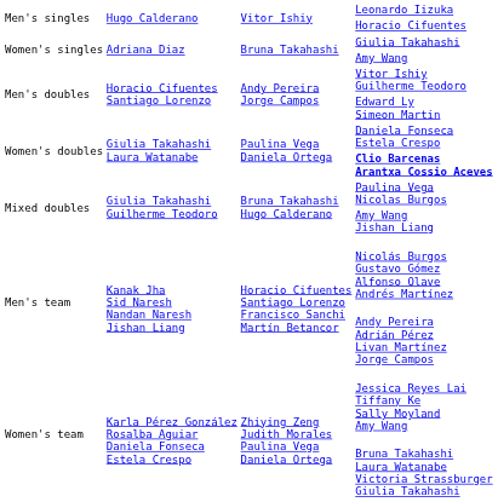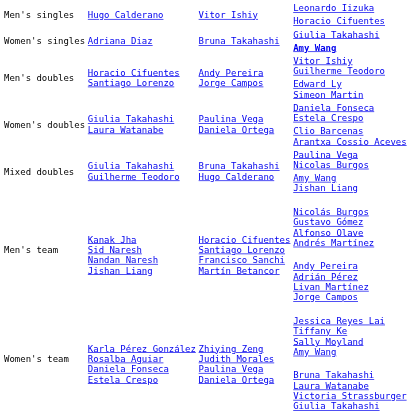 <table>
 <tr>
 <td rowspan=2>Men's singles</td>
 <td rowspan=2> <a href='#'>Hugo Calderano</a></td>
 <td rowspan=2> <a href='#'>Vitor Ishiy</a></td>
 <td> <a href='#'>Leonardo Iizuka</a></td>
 </tr>
 <tr>
 <td> <a href='#'>Horacio Cifuentes</a></td>
 </tr>
 <tr>
 <td rowspan=2>Women's singles</td>
 <td rowspan=2> <a href='#'>Adriana Diaz</a></td>
 <td rowspan=2> <a href='#'>Bruna Takahashi</a></td>
 <td> <a href='#'>Giulia Takahashi</a></td>
 </tr>
 <tr>
-<td> <a href='#'>Amy Wang</a></td>
+<td><strong> <a href='#'>Amy Wang</a></strong></td>
 </tr>
 <tr>
 <td rowspan=2>Men's doubles</td>
 <td rowspan=2> <a href='#'>Horacio Cifuentes</a><br> <a href='#'>Santiago Lorenzo</a></td>
 <td rowspan=2> <a href='#'>Andy Pereira</a><br> <a href='#'>Jorge Campos</a></td>
 <td> <a href='#'>Vitor Ishiy</a><br> <a href='#'>Guilherme Teodoro</a></td>
 </tr>
 <tr>
 <td> <a href='#'>Edward Ly</a><br> <a href='#'>Simeon Martin</a></td>
 </tr>
 <tr>
 <td rowspan=2>Women's doubles</td>
 <td rowspan=2> <a href='#'>Giulia Takahashi</a><br> <a href='#'>Laura Watanabe</a></td>
 <td rowspan=2> <a href='#'>Paulina Vega</a><br> <a href='#'>Daniela Ortega</a></td>
 <td> <a href='#'>Daniela Fonseca</a><br> <a href='#'>Estela Crespo</a></td>
 </tr>
 <tr>
-<td><strong> <a href='#'>Clio Barcenas</a><br> <a href='#'>Arantxa Cossio Aceves</a></strong></td>
+<td> <a href='#'>Clio Barcenas</a><br> <a href='#'>Arantxa Cossio Aceves</a></td>
 </tr>
 <tr>
 <td rowspan=2>Mixed doubles</td>
 <td rowspan=2> <a href='#'>Giulia Takahashi</a> <br> <a href='#'>Guilherme Teodoro</a></td>
 <td rowspan=2> <a href='#'>Bruna Takahashi</a> <br> <a href='#'>Hugo Calderano</a></td>
 <td> <a href='#'>Paulina Vega</a><br> <a href='#'>Nicolas Burgos</a></td>
 </tr>
 <tr>
 <td> <a href='#'>Amy Wang</a><br> <a href='#'>Jishan Liang</a></td>
 </tr>
 <tr>
 <td rowspan=2>Men's team</td>
 <td rowspan=2><br><a href='#'>Kanak Jha</a><br><a href='#'>Sid Naresh</a><br><a href='#'>Nandan Naresh</a><br><a href='#'>Jishan Liang</a></td>
 <td rowspan=2><br><a href='#'>Horacio Cifuentes</a><br><a href='#'>Santiago Lorenzo</a><br><a href='#'>Francisco Sanchi</a><br><a href='#'>Martín Betancor</a></td>
 <td><br><a href='#'>Nicolás Burgos</a><br><a href='#'>Gustavo Gómez</a><br><a href='#'>Alfonso Olave</a><br><a href='#'>Andrés Martínez</a></td>
 </tr>
 <tr>
 <td><br><a href='#'>Andy Pereira</a><br><a href='#'>Adrián Pérez</a><br><a href='#'>Livan Martínez</a><br><a href='#'>Jorge Campos</a></td>
 </tr>
 <tr>
 <td rowspan=2>Women's team</td>
 <td rowspan=2><br><a href='#'>Karla Pérez González</a><br><a href='#'>Rosalba Aguiar</a><br><a href='#'>Daniela Fonseca</a><br><a href='#'>Estela Crespo</a></td>
 <td rowspan=2><br><a href='#'>Zhiying Zeng</a><br><a href='#'>Judith Morales</a><br><a href='#'>Paulina Vega</a><br><a href='#'>Daniela Ortega</a></td>
 <td><br><a href='#'>Jessica Reyes Lai</a><br><a href='#'>Tiffany Ke</a><br><a href='#'>Sally Moyland</a><br><a href='#'>Amy Wang</a></td>
 </tr>
 <tr>
 <td><br><a href='#'>Bruna Takahashi</a><br><a href='#'>Laura Watanabe</a><br><a href='#'>Victoria Strassburger</a><br><a href='#'>Giulia Takahashi</a></td>
 </tr>
 <tr>
 </tr>
 </table>
